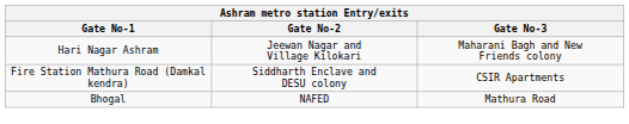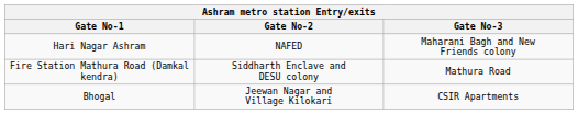 <table class="wikitable" style="text-align: center;" width="65%">
 <tr>
 <th align="center" colspan="5" style="background:#"><span>Ashram metro station Entry/exits</span></th>
 </tr>
 <tr>
 <th style="width:15%;">Gate No-1</th>
 <th style="width:15%;">Gate No-2</th>
 <th style="width:15%;">Gate No-3</th>
 </tr>
 <tr>
 <td>Hari Nagar Ashram</td>
-<td>Jeewan Nagar and <br>Village Kilokari</td>
+<td>NAFED</td>
 <td>Maharani Bagh and New<br> Friends colony</td>
 </tr>
 <tr>
 <td>Fire Station Mathura Road (Damkal kendra)</td>
 <td>Siddharth Enclave and<br> DESU colony</td>
-<td>CSIR Apartments</td>
+<td>Mathura Road</td>
 </tr>
 <tr>
 <td>Bhogal</td>
-<td>NAFED</td>
-<td>Mathura Road</td>
+<td>Jeewan Nagar and <br>Village Kilokari</td>
+<td>CSIR Apartments</td>
 </tr>
 </table>
